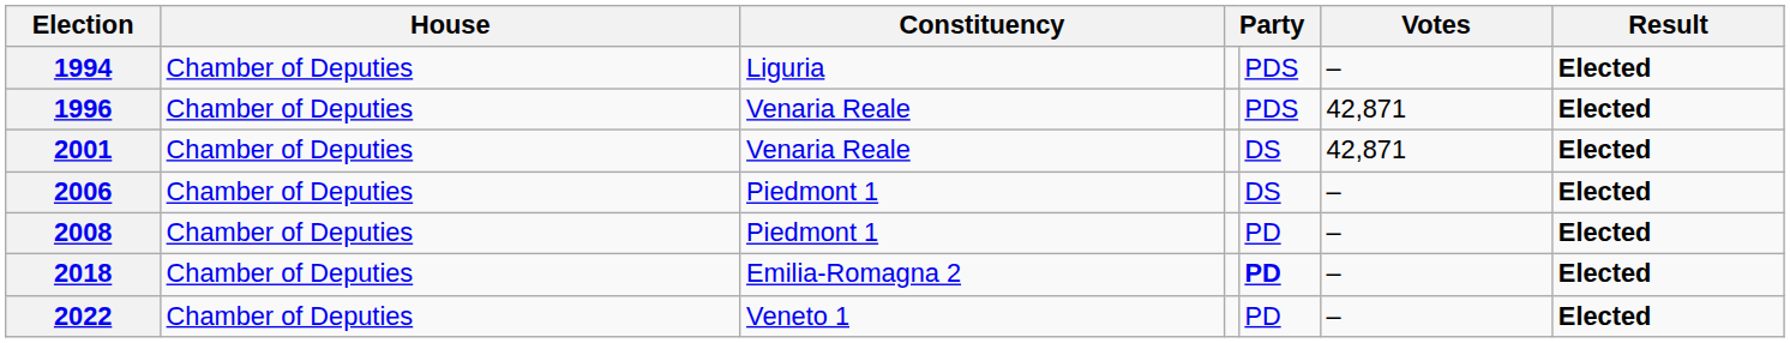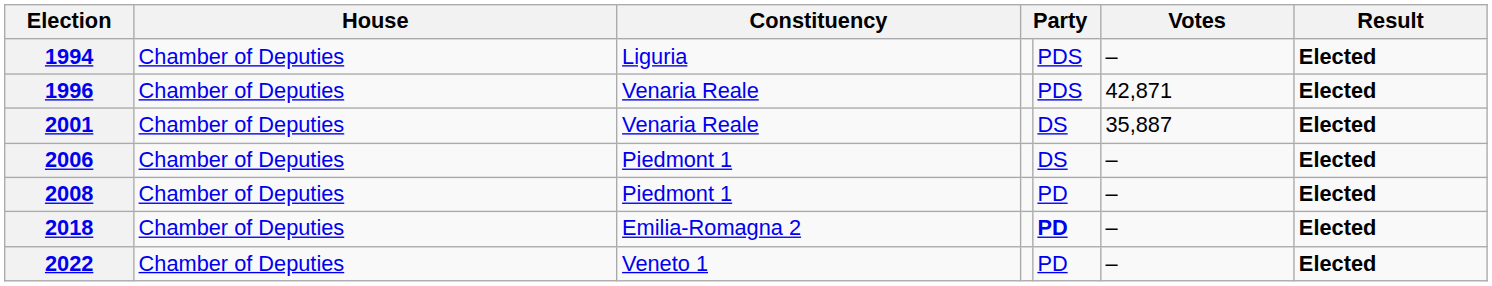 <table class=wikitable style="width:55%; border:1px #AAAAFF solid">
 <tr>
 <th width=8%>Election</th>
 <th width=30%>House</th>
 <th width=25%>Constituency</th>
 <th width=5% colspan="2">Party</th>
 <th width=12%>Votes</th>
 <th width=12%>Result</th>
 </tr>
 <tr>
 <th><a href='#'>1994</a></th>
 <td><a href='#'>Chamber of Deputies</a></td>
 <td><a href='#'>Liguria</a></td>
 <td></td>
 <td><a href='#'>PDS</a></td>
 <td>–</td>
 <td> <strong>Elected</strong></td>
 </tr>
 <tr>
 <th><a href='#'>1996</a></th>
 <td><a href='#'>Chamber of Deputies</a></td>
 <td><a href='#'>Venaria Reale</a></td>
 <td></td>
 <td><a href='#'>PDS</a></td>
 <td>42,871</td>
 <td> <strong>Elected</strong></td>
 </tr>
 <tr>
 <th><a href='#'>2001</a></th>
 <td><a href='#'>Chamber of Deputies</a></td>
 <td><a href='#'>Venaria Reale</a></td>
 <td></td>
 <td><a href='#'>DS</a></td>
-<td>42,871</td>
+<td>35,887</td>
 <td> <strong>Elected</strong></td>
 </tr>
 <tr>
 <th><a href='#'>2006</a></th>
 <td><a href='#'>Chamber of Deputies</a></td>
 <td><a href='#'>Piedmont 1</a></td>
 <td></td>
 <td><a href='#'>DS</a></td>
 <td>–</td>
 <td> <strong>Elected</strong></td>
 </tr>
 <tr>
 <th><a href='#'>2008</a></th>
 <td><a href='#'>Chamber of Deputies</a></td>
 <td><a href='#'>Piedmont 1</a></td>
 <td></td>
 <td><a href='#'>PD</a></td>
 <td>–</td>
 <td> <strong>Elected</strong></td>
 </tr>
 <tr>
 <th><a href='#'>2018</a></th>
 <td><a href='#'>Chamber of Deputies</a></td>
 <td><a href='#'>Emilia-Romagna 2</a></td>
 <td></td>
 <td><strong><a href='#'>PD</a></strong></td>
 <td>–</td>
 <td> <strong>Elected</strong></td>
 </tr>
 <tr>
 <th><a href='#'>2022</a></th>
 <td><a href='#'>Chamber of Deputies</a></td>
 <td><a href='#'>Veneto 1</a></td>
 <td></td>
 <td><a href='#'>PD</a></td>
 <td>–</td>
 <td> <strong>Elected</strong></td>
 </tr>
 </table>
